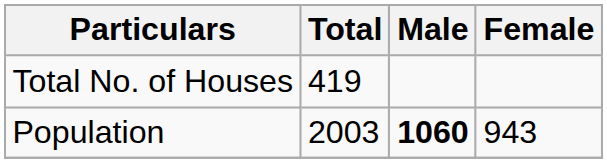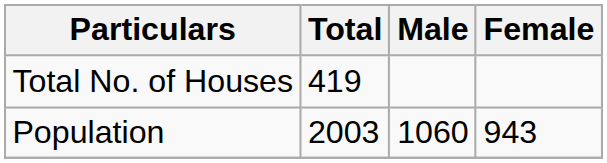 <table class="wikitable sortable">
 <tr>
 <th>Particulars</th>
 <th>Total</th>
 <th>Male</th>
 <th>Female</th>
 </tr>
 <tr>
 <td>Total No. of Houses</td>
 <td>419</td>
 <td></td>
 <td></td>
 </tr>
 <tr>
 <td>Population</td>
 <td>2003</td>
-<td><strong>1060</strong></td>
+<td>1060</td>
 <td>943</td>
 </tr>
 <tr>
 </tr>
 </table>
